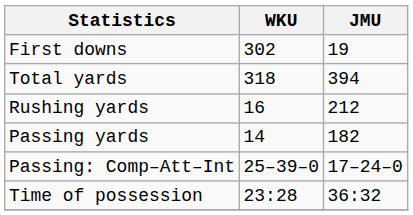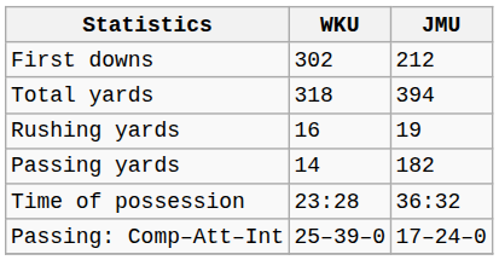 <table class="wikitable" style="float: left;">
 <tr>
 <th>Statistics</th>
 <th>WKU</th>
 <th>JMU</th>
 </tr>
 <tr>
 <td>First downs</td>
 <td>302</td>
-<td>19</td>
+<td>212</td>
 </tr>
 <tr>
 <td>Total yards</td>
 <td>318</td>
 <td>394</td>
 </tr>
 <tr>
 <td>Rushing yards</td>
 <td>16</td>
-<td>212</td>
+<td>19</td>
 </tr>
 <tr>
 <td>Passing yards</td>
 <td>14</td>
 <td>182</td>
 </tr>
 <tr>
+<td>Time of possession</td>
+<td>23:28</td>
+<td>36:32</td>
+</tr>
+<tr>
 <td>Passing: Comp–Att–Int</td>
 <td>25–39–0</td>
 <td>17–24–0</td>
 </tr>
 <tr>
-<td>Time of possession</td>
-<td>23:28</td>
-<td>36:32</td>
-</tr>
-<tr>
 </tr>
 </table>
